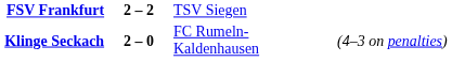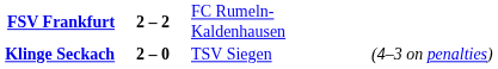 <table width=100% cellspacing=1>
 <tr>
 <th width=25%></th>
 <th width=10%></th>
 <th width=25%></th>
 <th></th>
 </tr>
 <tr style=font-size:90%>
 <td align=right><strong><a href='#'>FSV Frankfurt</a></strong></td>
 <td align=center><strong>2 – 2</strong></td>
-<td><a href='#'>TSV Siegen</a></td>
+<td><a href='#'>FC Rumeln-Kaldenhausen</a></td>
 </tr>
 <tr style=font-size:90%>
 <td align=right><strong><a href='#'>Klinge Seckach</a></strong></td>
 <td align=center><strong>2 – 0</strong></td>
-<td><a href='#'>FC Rumeln-Kaldenhausen</a></td>
+<td><a href='#'>TSV Siegen</a></td>
 <td><em>(4–3 on <a href='#'>penalties</a>)</em></td>
 </tr>
 </table>
